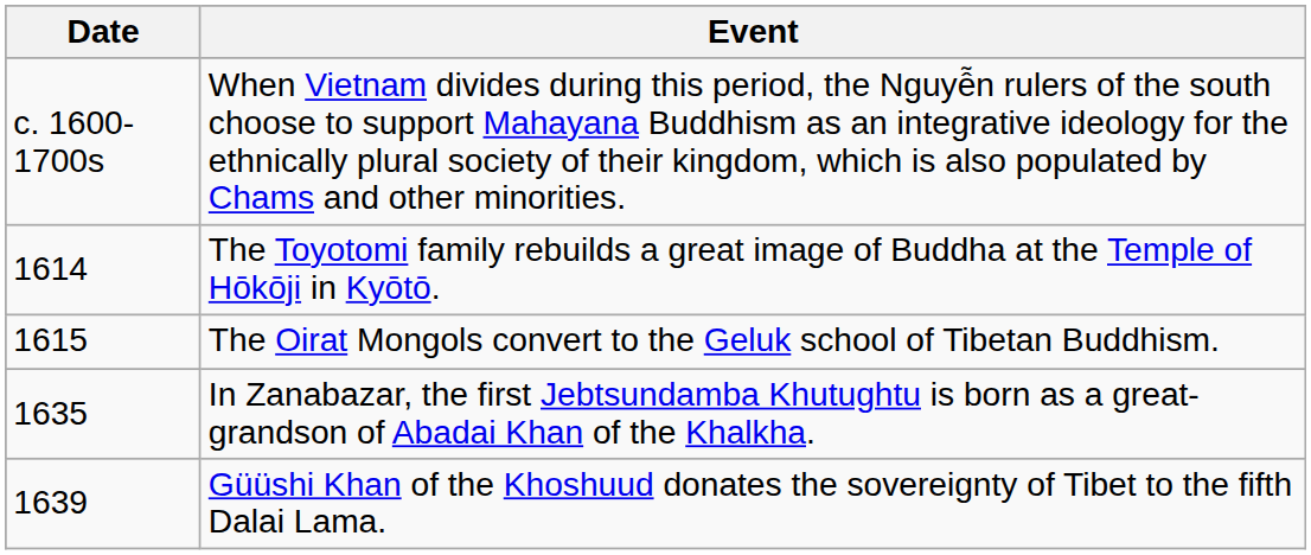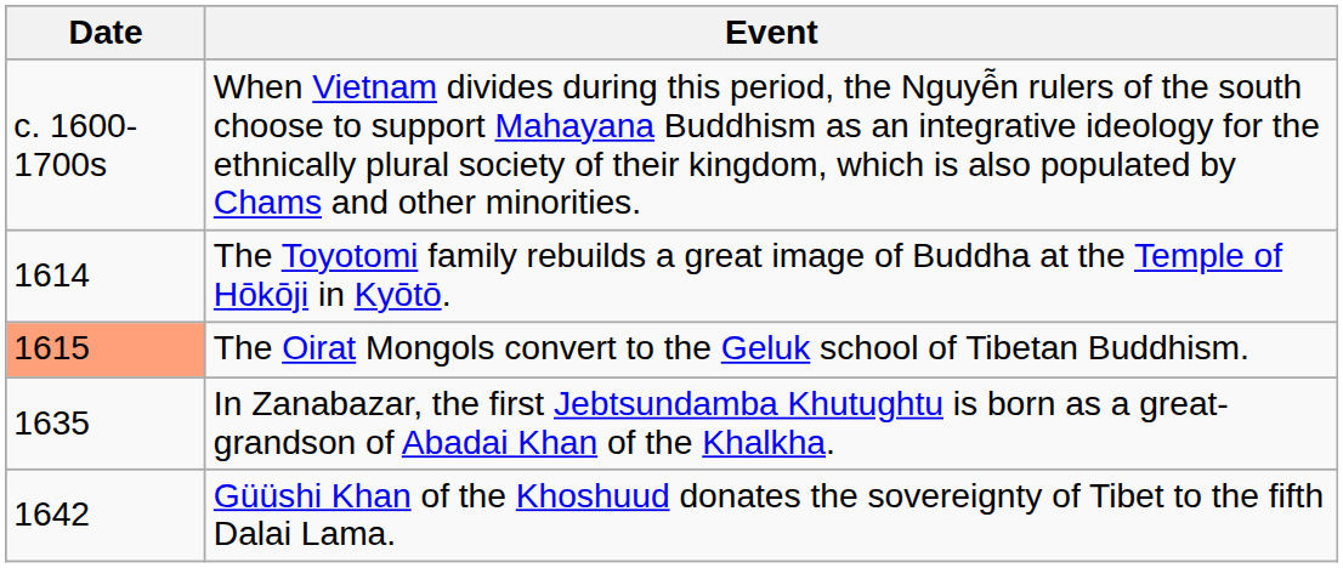 <table class="wikitable" width="100%">
 <tr>
 <th style="width:15%">Date</th>
 <th>Event</th>
 </tr>
 <tr>
 <td>c. 1600-1700s</td>
 <td>When <a href='#'>Vietnam</a> divides during this period, the Nguyễn rulers of the south choose to support <a href='#'>Mahayana</a> Buddhism as an integrative ideology for the ethnically plural society of their kingdom, which is also populated by <a href='#'>Chams</a> and other minorities.</td>
 </tr>
 <tr>
 <td>1614</td>
 <td>The <a href='#'>Toyotomi</a> family rebuilds a great image of Buddha at the <a href='#'>Temple of Hōkōji</a> in <a href='#'>Kyōtō</a>.</td>
 </tr>
 <tr>
-<td>1615</td>
+<td style="background: lightsalmon;">1615</td>
 <td>The <a href='#'>Oirat</a> Mongols convert to the <a href='#'>Geluk</a> school of Tibetan Buddhism.</td>
 </tr>
 <tr>
 <td>1635</td>
 <td>In Zanabazar, the first <a href='#'>Jebtsundamba Khutughtu</a> is born as a great-grandson of <a href='#'>Abadai Khan</a> of the <a href='#'>Khalkha</a>.</td>
 </tr>
 <tr>
-<td>1639</td>
+<td>1642</td>
 <td><a href='#'>Güüshi Khan</a> of the <a href='#'>Khoshuud</a> donates the sovereignty of Tibet to the fifth Dalai Lama.</td>
 </tr>
 </table>
